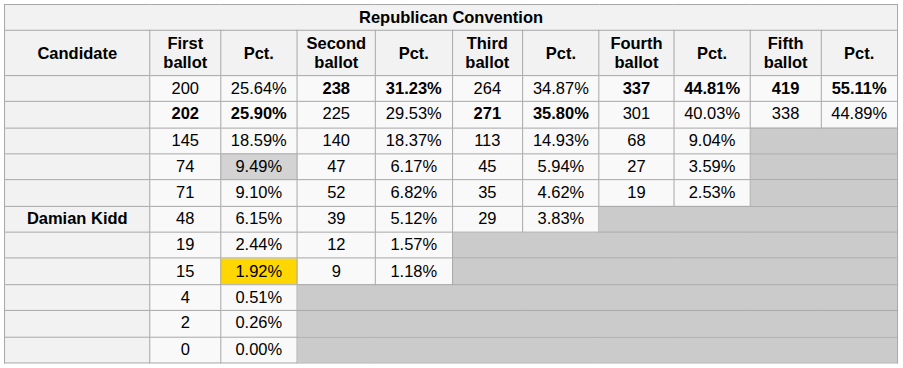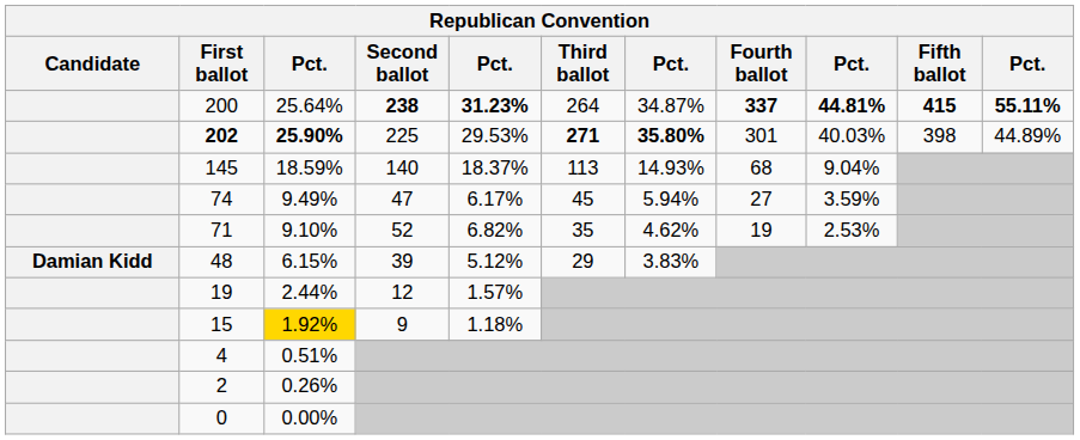 <table class="wikitable sortable plainrowheaders">
 <tr>
 <th colspan="11" >Republican Convention</th>
 </tr>
 <tr style="background:#eee; text-align:center;">
 <th scope="col" style="width: 12em">Candidate</th>
 <th scope="col"  style="width: 5em">First ballot</th>
 <th scope="col"  style="width: 5em">Pct.</th>
 <th scope="col"  style="width: 5em">Second ballot</th>
 <th scope="col"  style="width: 5em">Pct.</th>
 <th scope="col"  style="width: 5em">Third ballot</th>
 <th scope="col"  style="width: 5em">Pct.</th>
 <th scope="col"  style="width: 5em">Fourth ballot</th>
 <th scope="col"  style="width: 5em">Pct.</th>
 <th scope="col"  style="width: 5em">Fifth ballot</th>
 <th scope="col"  style="width: 5em">Pct.</th>
 </tr>
 <tr>
 <th scope="row"><strong></strong></th>
 <td style="text-align:center;">200</td>
 <td style="text-align:center;">25.64%</td>
 <td style="text-align:center;"><strong>238</strong></td>
 <td style="text-align:center;"><strong>31.23%</strong></td>
 <td style="text-align:center;">264</td>
 <td style="text-align:center;">34.87%</td>
 <td style="text-align:center;"><strong>337</strong></td>
 <td style="text-align:center;"><strong>44.81%</strong></td>
-<td style="text-align:center;"><strong>419</strong></td>
+<td style="text-align:center;"><strong>415</strong></td>
 <td style="text-align:center;"><strong>55.11%</strong></td>
 </tr>
 <tr>
 <th scope="row"></th>
 <td style="text-align:center;"><strong>202</strong></td>
 <td style="text-align:center;"><strong>25.90%</strong></td>
 <td style="text-align:center;">225</td>
 <td style="text-align:center;">29.53%</td>
 <td style="text-align:center;"><strong>271</strong></td>
 <td style="text-align:center;"><strong>35.80%</strong></td>
 <td style="text-align:center;">301</td>
 <td style="text-align:center;">40.03%</td>
-<td style="text-align:center;">338</td>
+<td style="text-align:center;">398</td>
 <td style="text-align:center;">44.89%</td>
 </tr>
 <tr>
 <th scope="row"></th>
 <td style="text-align:center;">145</td>
 <td style="text-align:center;">18.59%</td>
 <td style="text-align:center;">140</td>
 <td style="text-align:center;">18.37%</td>
 <td style="text-align:center;">113</td>
 <td style="text-align:center;">14.93%</td>
 <td style="text-align:center;">68</td>
 <td style="text-align:center;">9.04%</td>
 <td colspan=2 style="text-align:center; background:#cbcbcb"></td>
 </tr>
 <tr>
 <th scope="row"></th>
 <td style="text-align:center;">74</td>
-<td style="background: lightgrey; text-align:center;">9.49%</td>
+<td style="text-align:center;">9.49%</td>
 <td style="text-align:center;">47</td>
 <td style="text-align:center;">6.17%</td>
 <td style="text-align:center;">45</td>
 <td style="text-align:center;">5.94%</td>
 <td style="text-align:center;">27</td>
 <td style="text-align:center;">3.59%</td>
 <td colspan=2 style="text-align:center; background:#cbcbcb"></td>
 </tr>
 <tr>
 <th scope="row"></th>
 <td style="text-align:center;">71</td>
 <td style="text-align:center;">9.10%</td>
 <td style="text-align:center;">52</td>
 <td style="text-align:center;">6.82%</td>
 <td style="text-align:center;">35</td>
 <td style="text-align:center;">4.62%</td>
 <td style="text-align:center;">19</td>
 <td style="text-align:center;">2.53%</td>
 <td colspan=2 style="text-align:center; background:#cbcbcb"></td>
 </tr>
 <tr>
 <th scope="row">Damian Kidd</th>
 <td style="text-align:center;">48</td>
 <td style="text-align:center;">6.15%</td>
 <td style="text-align:center;">39</td>
 <td style="text-align:center;">5.12%</td>
 <td style="text-align:center;">29</td>
 <td style="text-align:center;">3.83%</td>
 <td colspan=4 style="text-align:center; background:#cbcbcb"></td>
 </tr>
 <tr>
 <th scope="row"></th>
 <td style="text-align:center;">19</td>
 <td style="text-align:center;">2.44%</td>
 <td style="text-align:center;">12</td>
 <td style="text-align:center;">1.57%</td>
 <td colspan=6 style="text-align:center; background:#cbcbcb"></td>
 </tr>
 <tr>
 <th scope="row"></th>
 <td style="text-align:center;">15</td>
 <td style="background: gold; text-align:center;">1.92%</td>
 <td style="text-align:center;">9</td>
 <td style="text-align:center;">1.18%</td>
 <td colspan=6 style="text-align:center; background:#cbcbcb"></td>
 </tr>
 <tr>
 <th scope="row"></th>
 <td style="text-align:center;">4</td>
 <td style="text-align:center;">0.51%</td>
 <td colspan=8 style="text-align:center; background:#cbcbcb"></td>
 </tr>
 <tr>
 <th scope="row"></th>
 <td style="text-align:center;">2</td>
 <td style="text-align:center;">0.26%</td>
 <td colspan=8 style="text-align:center; background:#cbcbcb"></td>
 </tr>
 <tr>
 <th scope="row"></th>
 <td style="text-align:center;">0</td>
 <td style="text-align:center;">0.00%</td>
 <td colspan=8 style="text-align:center; background:#cbcbcb"></td>
 </tr>
 </table>
